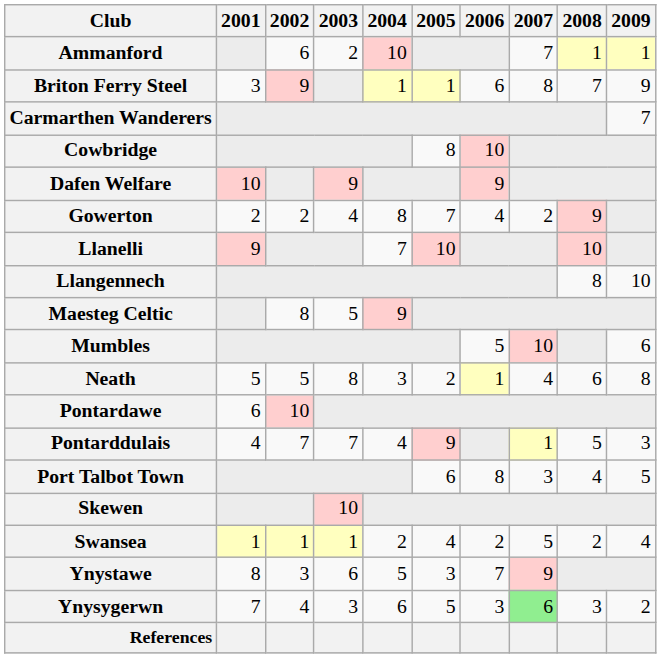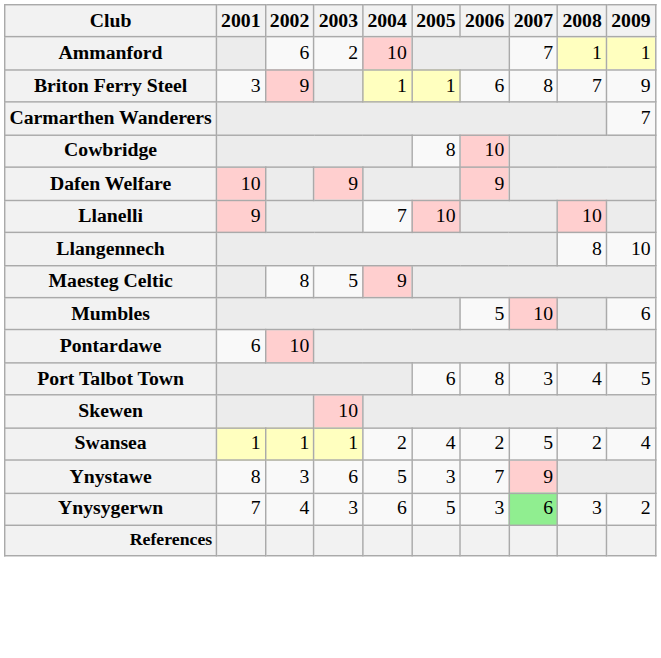 <table class="wikitable plainrowheaders" style="font-size:85%; text-align: right;">
 <tr>
 <th scope="col">Club</th>
 <th scope="col">2001</th>
 <th scope="col">2002</th>
 <th scope="col">2003</th>
 <th scope="col">2004</th>
 <th scope="col">2005</th>
 <th scope="col">2006</th>
 <th scope="col">2007</th>
 <th scope="col">2008</th>
 <th scope="col">2009</th>
 </tr>
 <tr>
 <th scope="row">Ammanford</th>
 <td bgcolor="#ececec"></td>
 <td>6</td>
 <td>2</td>
 <td bgcolor="#ffcfcf">10</td>
 <td bgcolor="#ececec" colspan="2"></td>
 <td>7</td>
 <td bgcolor="#ffffbf">1</td>
 <td bgcolor="#ffffbf">1</td>
 </tr>
 <tr>
 <th scope="row">Briton Ferry Steel</th>
 <td>3</td>
 <td bgcolor="#ffcfcf">9</td>
 <td bgcolor="#ececec"></td>
 <td bgcolor="#ffffbf">1</td>
 <td bgcolor="#ffffbf">1</td>
 <td>6</td>
 <td>8</td>
 <td>7</td>
 <td>9</td>
 </tr>
 <tr>
 <th scope="row">Carmarthen Wanderers</th>
 <td bgcolor="#ececec" colspan="8"></td>
 <td>7</td>
 </tr>
 <tr>
 <th scope="row">Cowbridge</th>
 <td bgcolor="#ececec" colspan="4"></td>
 <td>8</td>
 <td bgcolor="#ffcfcf">10</td>
 <td bgcolor="#ececec" colspan="3"></td>
 </tr>
 <tr>
 <th scope="row">Dafen Welfare</th>
 <td bgcolor="#ffcfcf">10</td>
 <td bgcolor="#ececec"></td>
 <td bgcolor="#ffcfcf">9</td>
 <td bgcolor="#ececec" colspan="2"></td>
 <td bgcolor="#ffcfcf">9</td>
 <td bgcolor="#ececec" colspan="3"></td>
 </tr>
 <tr>
-<th scope="row">Gowerton</th>
-<td>2</td>
-<td>2</td>
-<td>4</td>
-<td>8</td>
-<td>7</td>
-<td>4</td>
-<td>2</td>
-<td bgcolor="#ffcfcf">9</td>
-<td bgcolor="#ececec"></td>
-</tr>
-<tr>
 <th scope="row">Llanelli</th>
 <td bgcolor="#ffcfcf">9</td>
 <td bgcolor="#ececec" colspan="2"></td>
 <td>7</td>
 <td bgcolor="#ffcfcf">10</td>
 <td bgcolor="#ececec" colspan="2"></td>
 <td bgcolor="#ffcfcf">10</td>
 <td bgcolor="#ececec"></td>
 </tr>
 <tr>
 <th scope="row">Llangennech</th>
 <td bgcolor="#ececec" colspan="7"></td>
 <td>8</td>
 <td>10</td>
 </tr>
 <tr>
 <th scope="row">Maesteg Celtic</th>
 <td bgcolor="#ececec"></td>
 <td>8</td>
 <td>5</td>
 <td bgcolor="#ffcfcf">9</td>
 <td bgcolor="#ececec" colspan="5"></td>
 </tr>
 <tr>
 <th scope="row">Mumbles</th>
 <td bgcolor="#ececec" colspan="5"></td>
 <td>5</td>
 <td bgcolor="#ffcfcf">10</td>
 <td bgcolor="#ececec"></td>
 <td>6</td>
 </tr>
 <tr>
-<th scope="row">Neath</th>
-<td>5</td>
-<td>5</td>
-<td>8</td>
-<td>3</td>
-<td>2</td>
-<td bgcolor="#ffffbf">1</td>
-<td>4</td>
-<td>6</td>
-<td>8</td>
-</tr>
-<tr>
 <th scope="row">Pontardawe</th>
 <td>6</td>
 <td bgcolor="#ffcfcf">10</td>
 <td bgcolor="#ececec" colspan="7"></td>
-</tr>
-<tr>
-<th scope="row">Pontarddulais</th>
-<td>4</td>
-<td>7</td>
-<td>7</td>
-<td>4</td>
-<td bgcolor="#ffcfcf">9</td>
-<td bgcolor="#ececec"></td>
-<td bgcolor="#ffffbf">1</td>
-<td>5</td>
-<td>3</td>
 </tr>
 <tr>
 <th scope="row">Port Talbot Town</th>
 <td bgcolor="#ececec" colspan="4"></td>
 <td>6</td>
 <td>8</td>
 <td>3</td>
 <td>4</td>
 <td>5</td>
 </tr>
 <tr>
 <th scope="row">Skewen</th>
 <td bgcolor="#ececec" colspan="2"></td>
 <td bgcolor="#ffcfcf">10</td>
 <td bgcolor="#ececec" colspan="6"></td>
 </tr>
 <tr>
 <th scope="row">Swansea</th>
 <td bgcolor="#ffffbf">1</td>
 <td bgcolor="#ffffbf">1</td>
 <td bgcolor="#ffffbf">1</td>
 <td>2</td>
 <td>4</td>
 <td>2</td>
 <td>5</td>
 <td>2</td>
 <td>4</td>
 </tr>
 <tr>
 <th scope="row">Ynystawe</th>
 <td>8</td>
 <td>3</td>
 <td>6</td>
 <td>5</td>
 <td>3</td>
 <td>7</td>
 <td bgcolor="#ffcfcf">9</td>
 <td bgcolor="#ececec" colspan="2"></td>
 </tr>
 <tr>
 <th scope="row">Ynysygerwn</th>
 <td>7</td>
 <td>4</td>
 <td>3</td>
 <td>6</td>
 <td>5</td>
 <td>3</td>
 <td style="background: lightgreen;">6</td>
 <td>3</td>
 <td>2</td>
 </tr>
 <tr style="font-size:90%; text-align:center">
 <th scope="row" style="text-align: right">References</th>
 <th scope="col"></th>
 <th scope="col"></th>
 <th scope="col"></th>
 <th scope="col"></th>
 <th scope="col"></th>
 <th scope="col"></th>
 <th scope="col"></th>
 <th scope="col"></th>
 <th scope="col"></th>
 </tr>
 </table>
